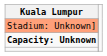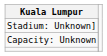 <table class="wikitable" style="text-align:center; margin:1em auto;">
 <tr>
 <th colspan="2">Kuala Lumpur</th>
 <td rowspan=4></td>
 </tr>
 <tr>
-<td style="background: lightsalmon;">Stadium: Unknown]</td>
+<td>Stadium: Unknown]</td>
 </tr>
 <tr>
-<td><strong>Capacity: Unknown</strong></td>
+<td>Capacity: Unknown</td>
 </tr>
 <tr>
 <td></td>
 </tr>
 </table>
